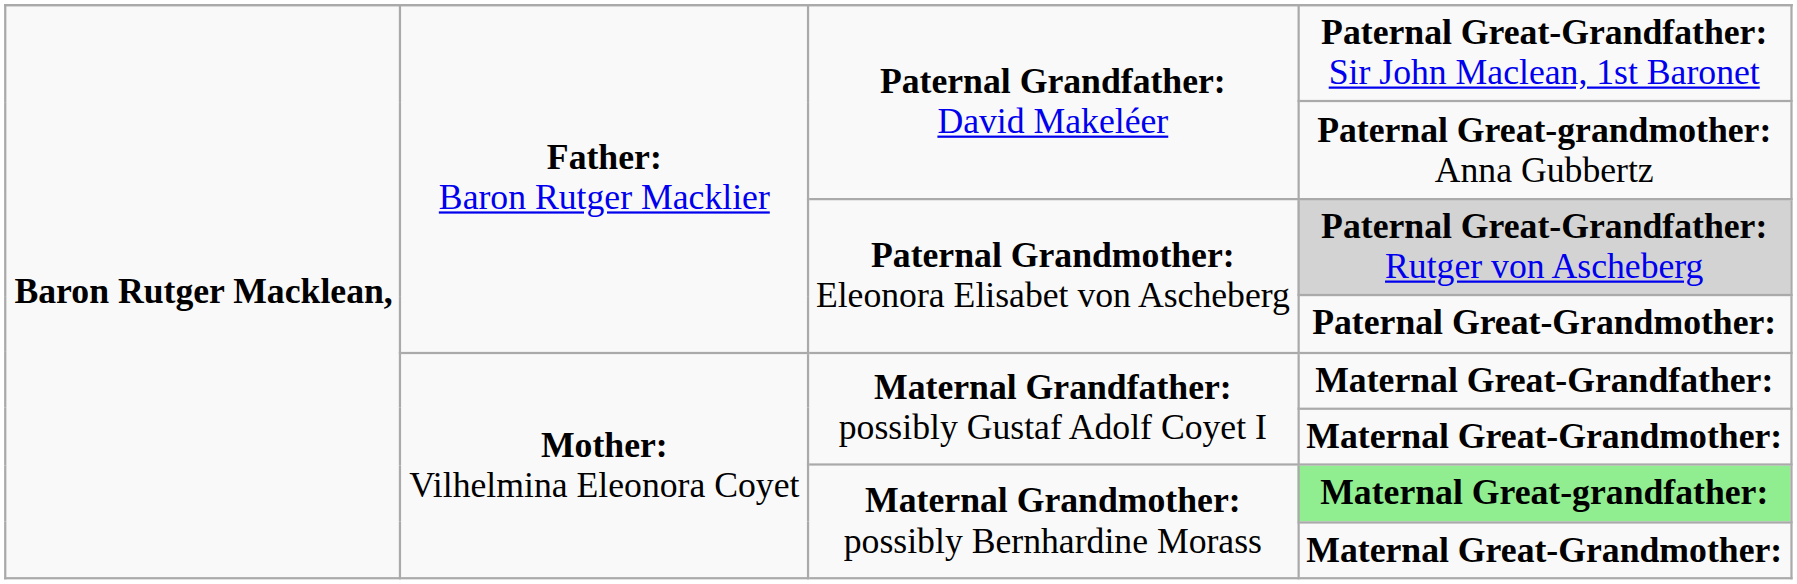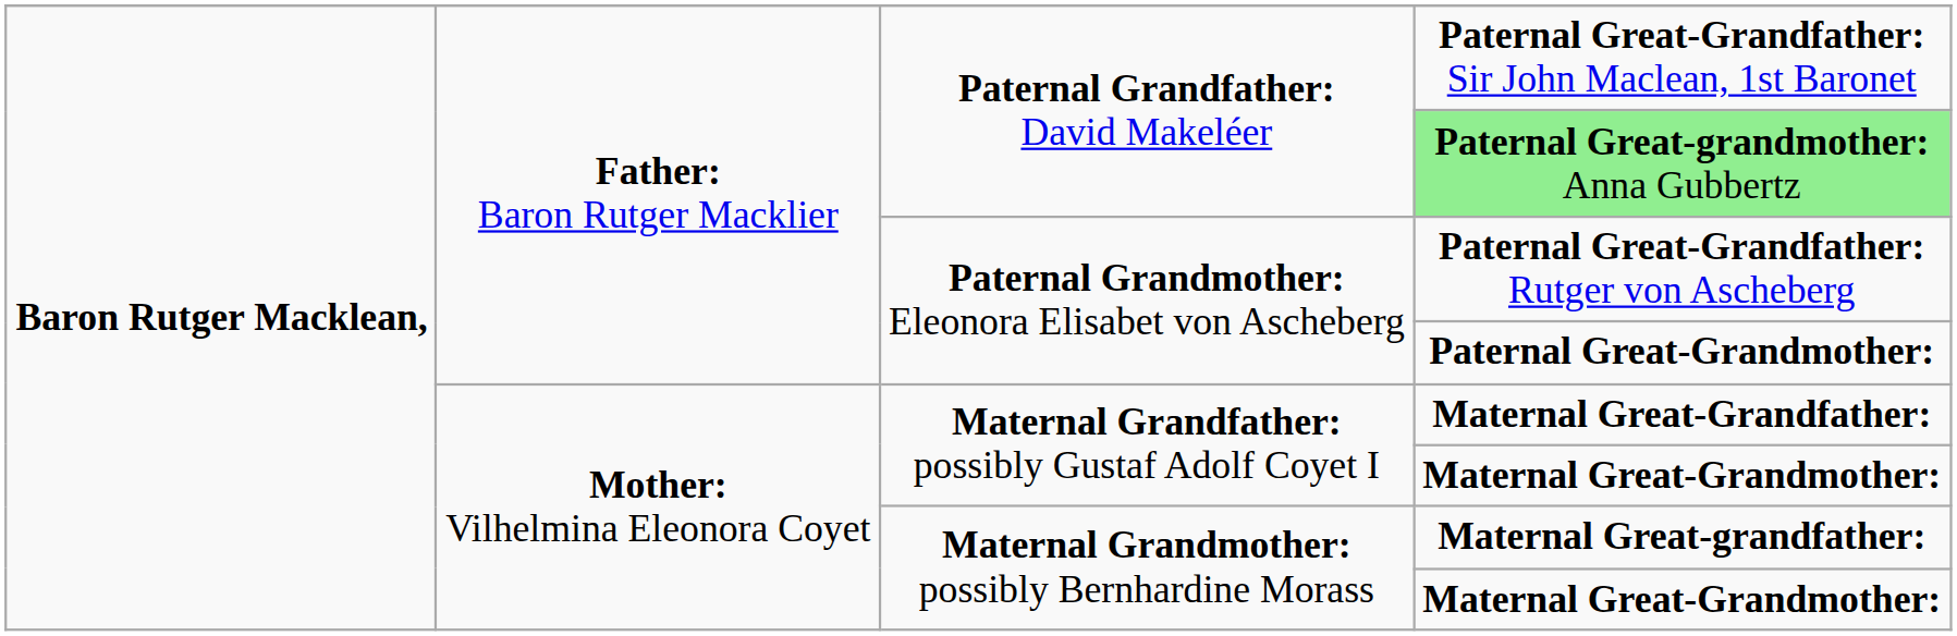 <table class="wikitable" style="margin:1em auto;">
 <tr>
 </tr>
 <tr>
 <td rowspan="8" align="center"><strong>Baron Rutger Macklean,</strong></td>
 <td rowspan="4" align="center"><strong>Father:</strong><br><a href='#'>Baron Rutger Macklier</a></td>
 <td rowspan="2" align="center"><strong>Paternal Grandfather:</strong><br><a href='#'>David Makeléer</a></td>
 <td align="center"><strong>Paternal Great-Grandfather:</strong><br><a href='#'>Sir John Maclean, 1st Baronet</a></td>
 </tr>
 <tr>
-<td align="center"><strong>Paternal Great-grandmother:</strong><br>Anna Gubbertz</td>
+<td align="center" style="background: lightgreen;"><strong>Paternal Great-grandmother:</strong><br>Anna Gubbertz</td>
 </tr>
 <tr>
 <td rowspan="2" align="center"><strong>Paternal Grandmother:</strong><br>Eleonora Elisabet von Ascheberg</td>
-<td align="center" style="background: lightgrey;"><strong>Paternal Great-Grandfather:</strong><br><a href='#'>Rutger von Ascheberg</a></td>
+<td align="center"><strong>Paternal Great-Grandfather:</strong><br><a href='#'>Rutger von Ascheberg</a></td>
 </tr>
 <tr>
 <td align="center"><strong>Paternal Great-Grandmother:</strong><br></td>
 </tr>
 <tr>
 <td rowspan="4" align="center"><strong>Mother:</strong><br>Vilhelmina Eleonora Coyet</td>
 <td rowspan="2" align="center"><strong>Maternal Grandfather:</strong><br>possibly Gustaf Adolf Coyet I</td>
 <td align="center"><strong>Maternal Great-Grandfather:</strong><br></td>
 </tr>
 <tr>
 <td align="center"><strong>Maternal Great-Grandmother:</strong><br></td>
 </tr>
 <tr>
 <td rowspan="2" align="center"><strong>Maternal Grandmother:</strong><br>possibly Bernhardine Morass</td>
-<td align="center" style="background: lightgreen;"><strong>Maternal Great-grandfather:</strong><br></td>
+<td align="center"><strong>Maternal Great-grandfather:</strong><br></td>
 </tr>
 <tr>
 <td align="center"><strong>Maternal Great-Grandmother:</strong><br></td>
 </tr>
 </table>
